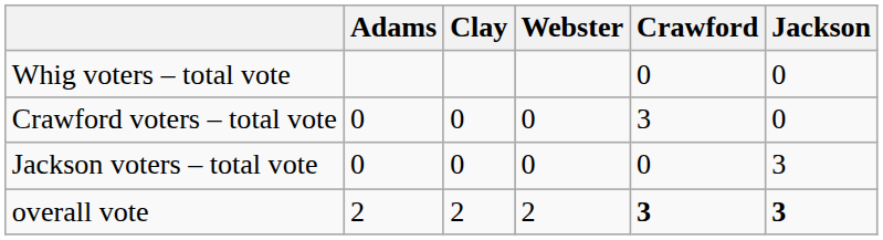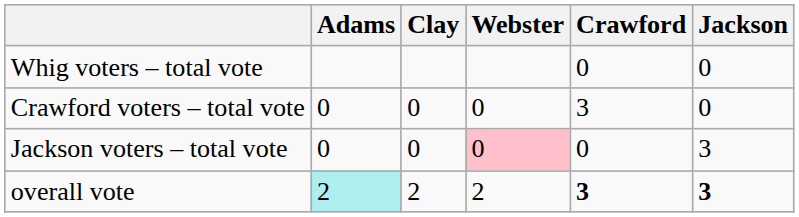 <table class="wikitable" border="1">
 <tr>
 <th></th>
 <th>Adams</th>
 <th>Clay</th>
 <th>Webster</th>
 <th>Crawford</th>
 <th>Jackson</th>
 </tr>
 <tr>
 <td>Whig voters – total vote</td>
 <td></td>
 <td></td>
 <td></td>
 <td>0</td>
 <td>0</td>
 </tr>
 <tr>
 <td>Crawford voters – total vote</td>
 <td>0</td>
 <td>0</td>
 <td>0</td>
 <td>3</td>
 <td>0</td>
 </tr>
 <tr>
 <td>Jackson voters – total vote</td>
 <td>0</td>
 <td>0</td>
-<td>0</td>
+<td style="background: pink;">0</td>
 <td>0</td>
 <td>3</td>
 </tr>
 <tr>
 <td>overall vote</td>
-<td>2</td>
+<td style="background: paleturquoise;">2</td>
 <td>2</td>
 <td>2</td>
 <td><strong>3</strong></td>
 <td><strong>3</strong></td>
 </tr>
 </table>
